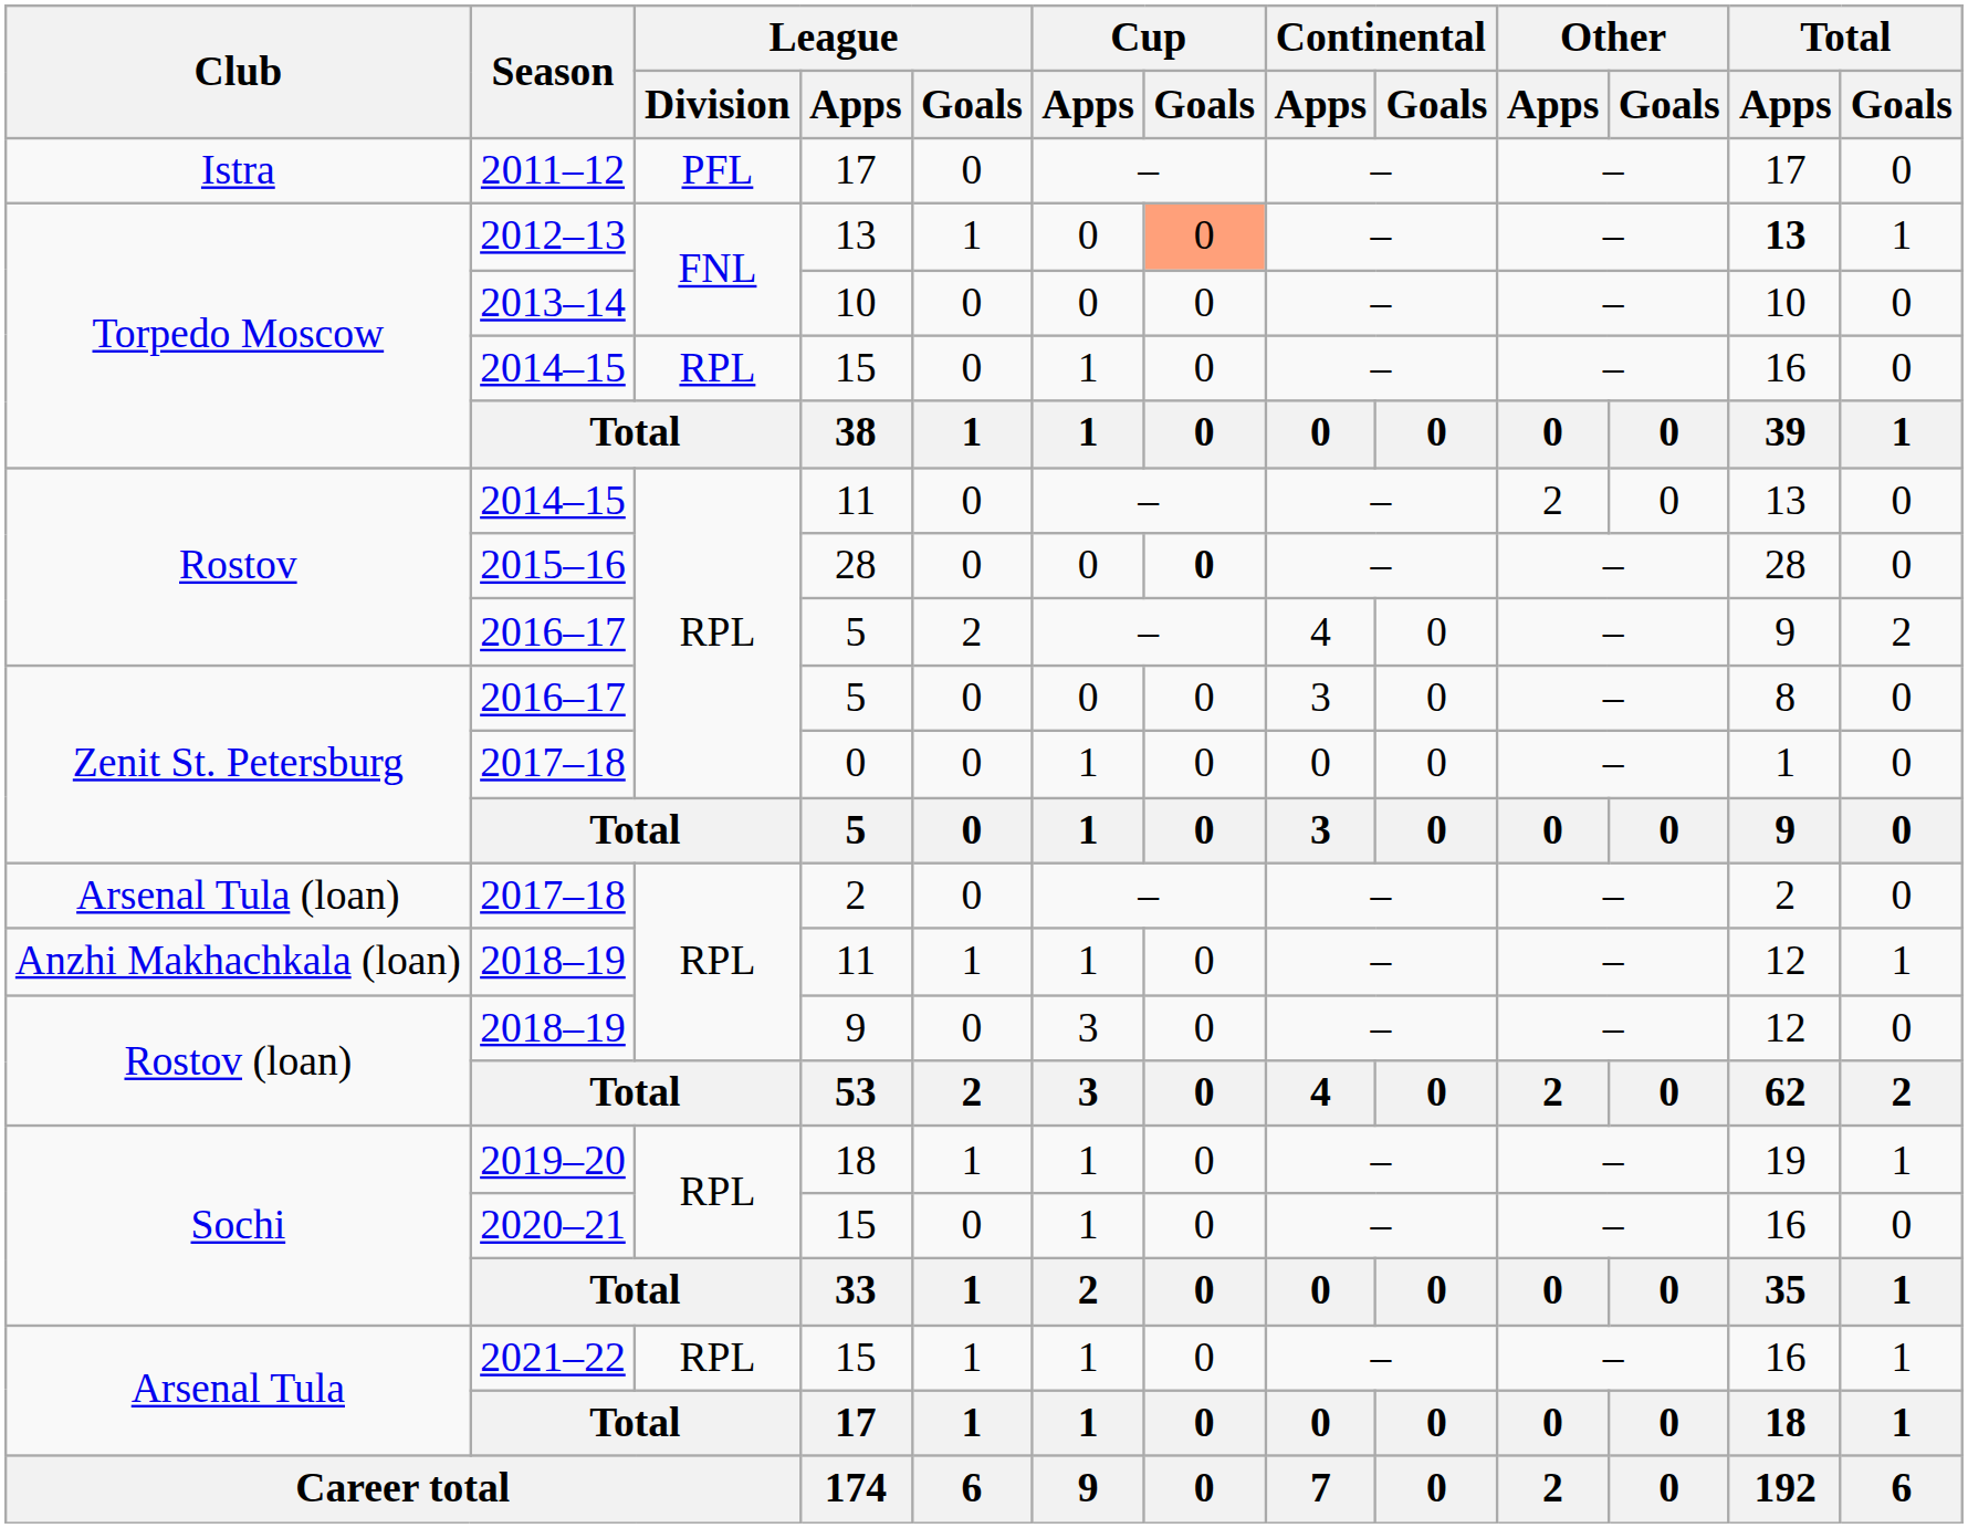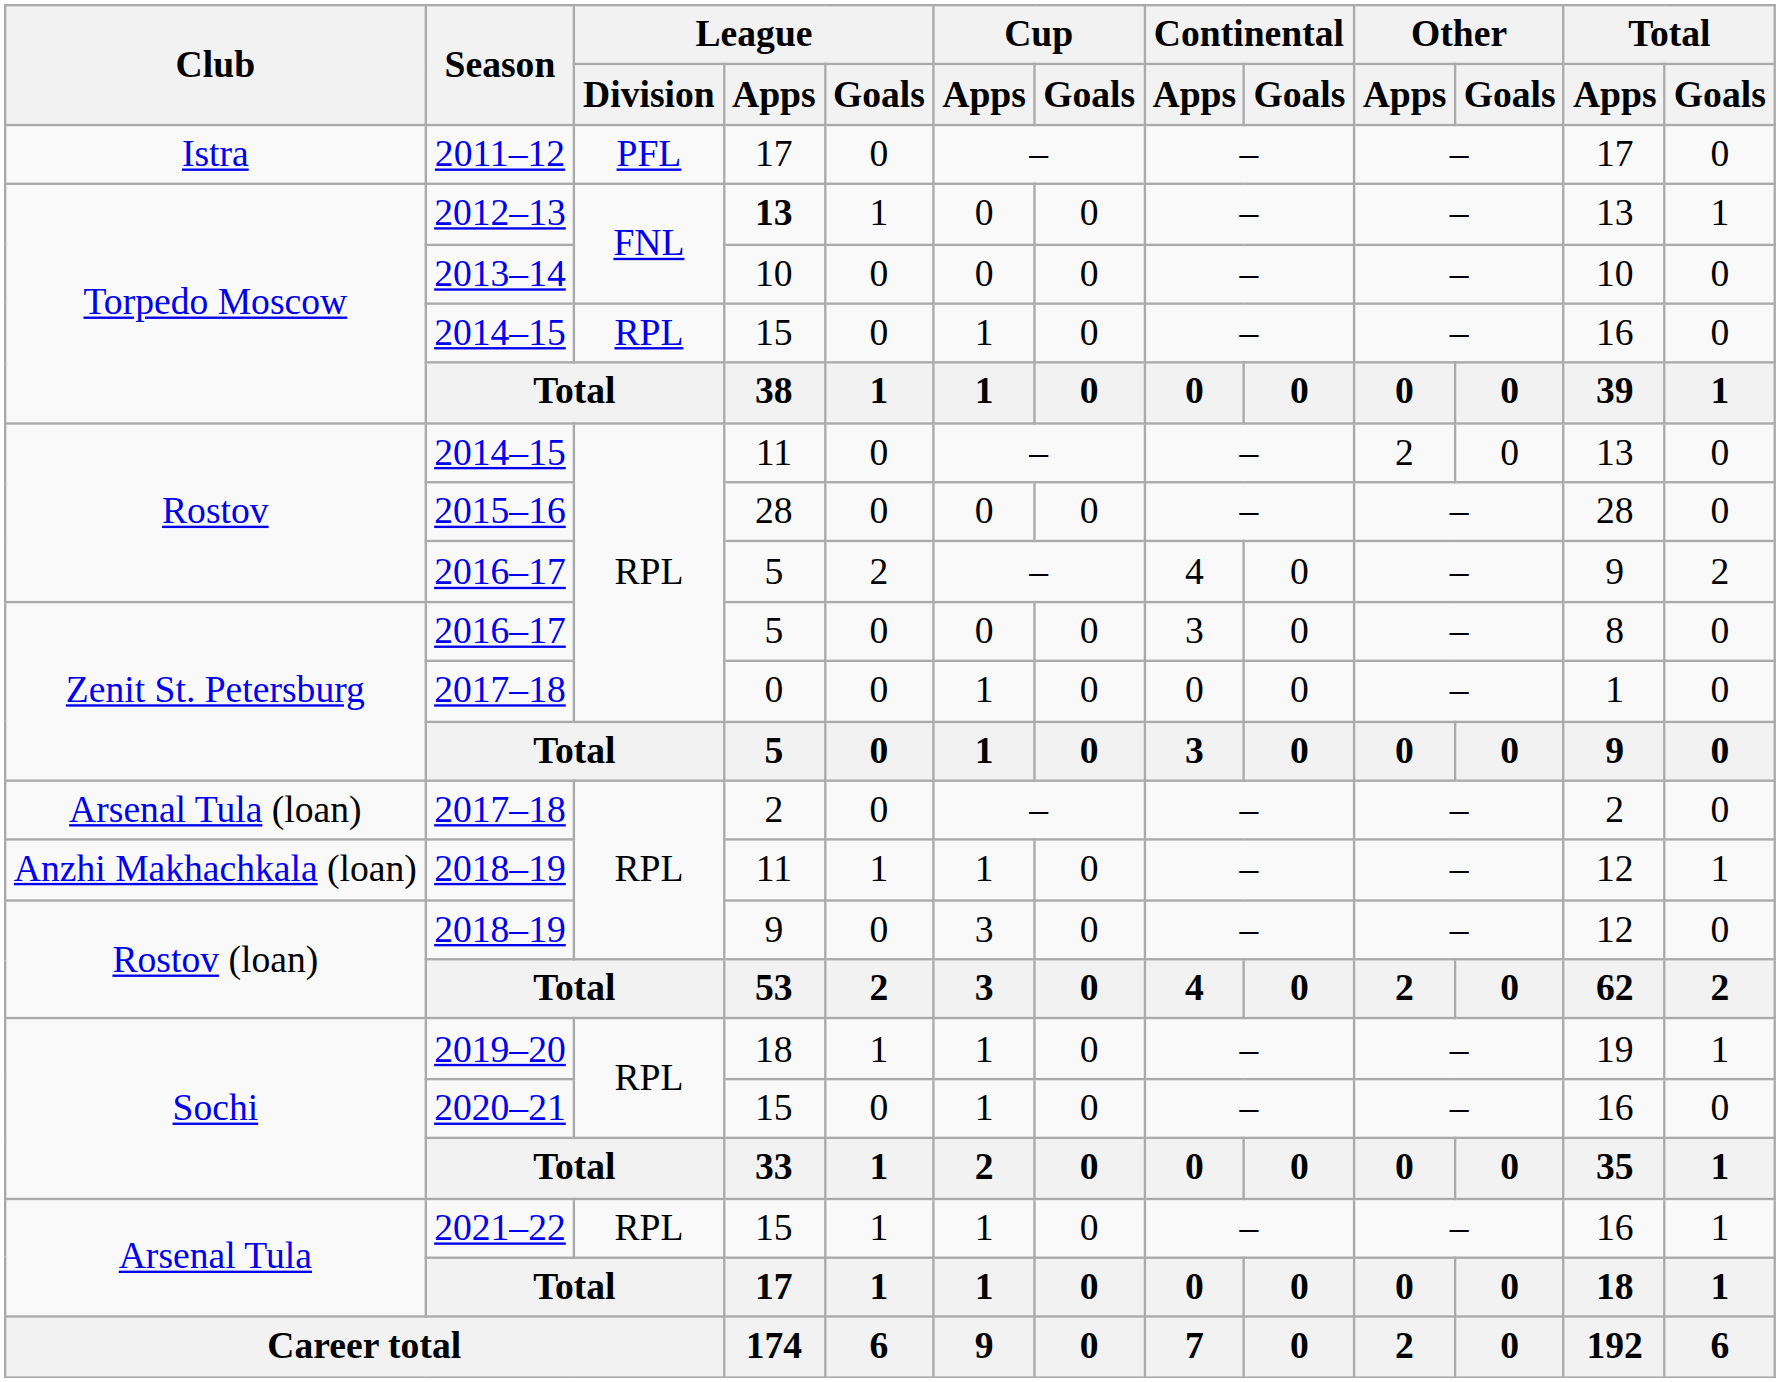 <table class="wikitable" style="text-align: center;">
 <tr>
 <th rowspan=2>Club</th>
 <th rowspan=2>Season</th>
 <th colspan=3>League</th>
 <th colspan=2>Cup</th>
 <th colspan=2>Continental</th>
 <th colspan=2>Other</th>
 <th colspan=2>Total</th>
 </tr>
 <tr>
 <th>Division</th>
 <th>Apps</th>
 <th>Goals</th>
 <th>Apps</th>
 <th>Goals</th>
 <th>Apps</th>
 <th>Goals</th>
 <th>Apps</th>
 <th>Goals</th>
 <th>Apps</th>
 <th>Goals</th>
 </tr>
 <tr>
 <td><a href='#'>Istra</a></td>
 <td><a href='#'>2011–12</a></td>
 <td><a href='#'>PFL</a></td>
 <td>17</td>
 <td>0</td>
 <td colspan=2>–</td>
 <td colspan=2>–</td>
 <td colspan=2>–</td>
 <td>17</td>
 <td>0</td>
 </tr>
 <tr>
 <td rowspan="4"><a href='#'>Torpedo Moscow</a></td>
 <td><a href='#'>2012–13</a></td>
 <td rowspan="2"><a href='#'>FNL</a></td>
-<td>13</td>
+<td><strong>13</strong></td>
 <td>1</td>
 <td>0</td>
-<td style="background: lightsalmon;">0</td>
+<td>0</td>
 <td colspan=2>–</td>
 <td colspan=2>–</td>
-<td><strong>13</strong></td>
+<td>13</td>
 <td>1</td>
 </tr>
 <tr>
 <td><a href='#'>2013–14</a></td>
 <td>10</td>
 <td>0</td>
 <td>0</td>
 <td>0</td>
 <td colspan=2>–</td>
 <td colspan=2>–</td>
 <td>10</td>
 <td>0</td>
 </tr>
 <tr>
 <td><a href='#'>2014–15</a></td>
 <td><a href='#'>RPL</a></td>
 <td>15</td>
 <td>0</td>
 <td>1</td>
 <td>0</td>
 <td colspan=2>–</td>
 <td colspan=2>–</td>
 <td>16</td>
 <td>0</td>
 </tr>
 <tr>
 <th colspan=2>Total</th>
 <th>38</th>
 <th>1</th>
 <th>1</th>
 <th>0</th>
 <th>0</th>
 <th>0</th>
 <th>0</th>
 <th>0</th>
 <th>39</th>
 <th>1</th>
 </tr>
 <tr>
 <td rowspan="3"><a href='#'>Rostov</a></td>
 <td><a href='#'>2014–15</a></td>
 <td rowspan="5">RPL</td>
 <td>11</td>
 <td>0</td>
 <td colspan=2>–</td>
 <td colspan=2>–</td>
 <td>2</td>
 <td>0</td>
 <td>13</td>
 <td>0</td>
 </tr>
 <tr>
 <td><a href='#'>2015–16</a></td>
 <td>28</td>
 <td>0</td>
 <td>0</td>
-<td><strong>0</strong></td>
+<td>0</td>
 <td colspan=2>–</td>
 <td colspan=2>–</td>
 <td>28</td>
 <td>0</td>
 </tr>
 <tr>
 <td><a href='#'>2016–17</a></td>
 <td>5</td>
 <td>2</td>
 <td colspan=2>–</td>
 <td>4</td>
 <td>0</td>
 <td colspan=2>–</td>
 <td>9</td>
 <td>2</td>
 </tr>
 <tr>
 <td rowspan="3"><a href='#'>Zenit St. Petersburg</a></td>
 <td><a href='#'>2016–17</a></td>
 <td>5</td>
 <td>0</td>
 <td>0</td>
 <td>0</td>
 <td>3</td>
 <td>0</td>
 <td colspan=2>–</td>
 <td>8</td>
 <td>0</td>
 </tr>
 <tr>
 <td><a href='#'>2017–18</a></td>
 <td>0</td>
 <td>0</td>
 <td>1</td>
 <td>0</td>
 <td>0</td>
 <td>0</td>
 <td colspan=2>–</td>
 <td>1</td>
 <td>0</td>
 </tr>
 <tr>
 <th colspan=2>Total</th>
 <th>5</th>
 <th>0</th>
 <th>1</th>
 <th>0</th>
 <th>3</th>
 <th>0</th>
 <th>0</th>
 <th>0</th>
 <th>9</th>
 <th>0</th>
 </tr>
 <tr>
 <td><a href='#'>Arsenal Tula</a> (loan)</td>
 <td><a href='#'>2017–18</a></td>
 <td rowspan="3">RPL</td>
 <td>2</td>
 <td>0</td>
 <td colspan=2>–</td>
 <td colspan=2>–</td>
 <td colspan=2>–</td>
 <td>2</td>
 <td>0</td>
 </tr>
 <tr>
 <td><a href='#'>Anzhi Makhachkala</a> (loan)</td>
 <td><a href='#'>2018–19</a></td>
 <td>11</td>
 <td>1</td>
 <td>1</td>
 <td>0</td>
 <td colspan=2>–</td>
 <td colspan=2>–</td>
 <td>12</td>
 <td>1</td>
 </tr>
 <tr>
 <td rowspan="2"><a href='#'>Rostov</a> (loan)</td>
 <td><a href='#'>2018–19</a></td>
 <td>9</td>
 <td>0</td>
 <td>3</td>
 <td>0</td>
 <td colspan=2>–</td>
 <td colspan=2>–</td>
 <td>12</td>
 <td>0</td>
 </tr>
 <tr>
 <th colspan=2>Total</th>
 <th>53</th>
 <th>2</th>
 <th>3</th>
 <th>0</th>
 <th>4</th>
 <th>0</th>
 <th>2</th>
 <th>0</th>
 <th>62</th>
 <th>2</th>
 </tr>
 <tr>
 <td rowspan="3"><a href='#'>Sochi</a></td>
 <td><a href='#'>2019–20</a></td>
 <td rowspan="2">RPL</td>
 <td>18</td>
 <td>1</td>
 <td>1</td>
 <td>0</td>
 <td colspan=2>–</td>
 <td colspan=2>–</td>
 <td>19</td>
 <td>1</td>
 </tr>
 <tr>
 <td><a href='#'>2020–21</a></td>
 <td>15</td>
 <td>0</td>
 <td>1</td>
 <td>0</td>
 <td colspan=2>–</td>
 <td colspan=2>–</td>
 <td>16</td>
 <td>0</td>
 </tr>
 <tr>
 <th colspan=2>Total</th>
 <th>33</th>
 <th>1</th>
 <th>2</th>
 <th>0</th>
 <th>0</th>
 <th>0</th>
 <th>0</th>
 <th>0</th>
 <th>35</th>
 <th>1</th>
 </tr>
 <tr>
 <td rowspan="2"><a href='#'>Arsenal Tula</a></td>
 <td><a href='#'>2021–22</a></td>
 <td>RPL</td>
 <td>15</td>
 <td>1</td>
 <td>1</td>
 <td>0</td>
 <td colspan=2>–</td>
 <td colspan=2>–</td>
 <td>16</td>
 <td>1</td>
 </tr>
 <tr>
 <th colspan=2>Total</th>
 <th>17</th>
 <th>1</th>
 <th>1</th>
 <th>0</th>
 <th>0</th>
 <th>0</th>
 <th>0</th>
 <th>0</th>
 <th>18</th>
 <th>1</th>
 </tr>
 <tr>
 <th colspan=3>Career total</th>
 <th>174</th>
 <th>6</th>
 <th>9</th>
 <th>0</th>
 <th>7</th>
 <th>0</th>
 <th>2</th>
 <th>0</th>
 <th>192</th>
 <th>6</th>
 </tr>
 </table>
